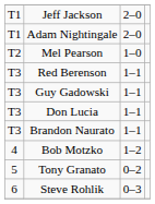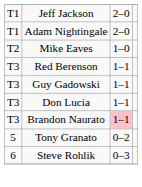 <table class="wikitable" style="text-align: center;">
 <tr>
 </tr>
 <tr>
 <td>T1</td>
 <td>Jeff Jackson</td>
 <td>2–0</td>
 <td></td>
 </tr>
 <tr>
 <td>T1</td>
 <td>Adam Nightingale</td>
 <td>2–0</td>
 <td></td>
 </tr>
 <tr>
 <td>T2</td>
-<td>Mel Pearson</td>
+<td>Mike Eaves</td>
 <td>1–0</td>
 <td></td>
 </tr>
 <tr>
 <td>T3</td>
 <td>Red Berenson</td>
 <td>1–1</td>
 <td></td>
 </tr>
 <tr>
 <td>T3</td>
 <td>Guy Gadowski</td>
 <td>1–1</td>
 <td></td>
 </tr>
 <tr>
 <td>T3</td>
 <td>Don Lucia</td>
 <td>1–1</td>
 <td></td>
 </tr>
 <tr>
 <td>T3</td>
 <td>Brandon Naurato</td>
-<td>1–1</td>
-<td></td>
-</tr>
-<tr>
-<td>4</td>
-<td>Bob Motzko</td>
-<td>1–2</td>
+<td style="background: pink;">1–1</td>
 <td></td>
 </tr>
 <tr>
 <td>5</td>
 <td>Tony Granato</td>
 <td>0–2</td>
 <td></td>
 </tr>
 <tr>
 <td>6</td>
 <td>Steve Rohlik</td>
 <td>0–3</td>
 <td></td>
 </tr>
 <tr>
 </tr>
 </table>
